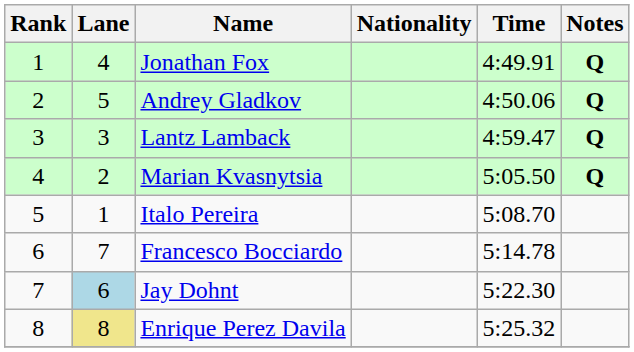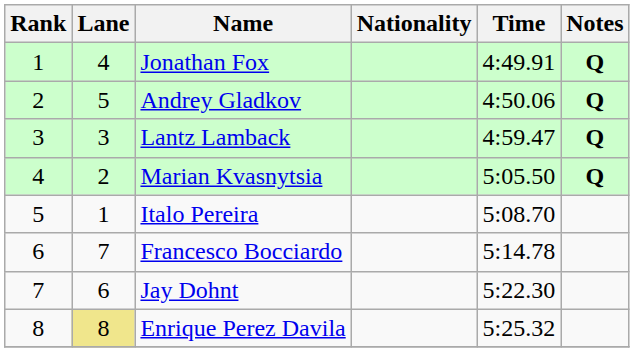 <table class="wikitable">
 <tr>
 <th>Rank</th>
 <th>Lane</th>
 <th>Name</th>
 <th>Nationality</th>
 <th>Time</th>
 <th>Notes</th>
 </tr>
 <tr bgcolor=ccffcc>
 <td align=center>1</td>
 <td align=center>4</td>
 <td><a href='#'>Jonathan Fox</a></td>
 <td></td>
 <td align=center>4:49.91</td>
 <td align=center><strong>Q</strong></td>
 </tr>
 <tr bgcolor=ccffcc>
 <td align=center>2</td>
 <td align=center>5</td>
 <td><a href='#'>Andrey Gladkov</a></td>
 <td></td>
 <td align=center>4:50.06</td>
 <td align=center><strong>Q</strong></td>
 </tr>
 <tr bgcolor=ccffcc>
 <td align=center>3</td>
 <td align=center>3</td>
 <td><a href='#'>Lantz Lamback</a></td>
 <td></td>
 <td align=center>4:59.47</td>
 <td align=center><strong>Q</strong></td>
 </tr>
 <tr bgcolor=ccffcc>
 <td align=center>4</td>
 <td align=center>2</td>
 <td><a href='#'>Marian Kvasnytsia</a></td>
 <td></td>
 <td align=center>5:05.50</td>
 <td align=center><strong>Q</strong></td>
 </tr>
 <tr>
 <td align=center>5</td>
 <td align=center>1</td>
 <td><a href='#'>Italo Pereira</a></td>
 <td></td>
 <td align=center>5:08.70</td>
 <td align=center></td>
 </tr>
 <tr>
 <td align=center>6</td>
 <td align=center>7</td>
 <td><a href='#'>Francesco Bocciardo</a></td>
 <td></td>
 <td align=center>5:14.78</td>
 <td align=center></td>
 </tr>
 <tr>
 <td align=center>7</td>
-<td align=center style="background: lightblue;">6</td>
+<td align=center>6</td>
 <td><a href='#'>Jay Dohnt</a></td>
 <td></td>
 <td align=center>5:22.30</td>
 <td align=center></td>
 </tr>
 <tr>
 <td align=center>8</td>
 <td align=center style="background: khaki;">8</td>
 <td><a href='#'>Enrique Perez Davila</a></td>
 <td></td>
 <td align=center>5:25.32</td>
 <td align=center></td>
 </tr>
 <tr>
 </tr>
 </table>
